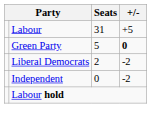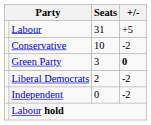 <table class="wikitable">
 <tr>
 <th colspan="2">Party</th>
 <th>Seats</th>
 <th>  +/-  </th>
 </tr>
 <tr>
 <td style="background-color: "></td>
 <td><a href='#'>Labour</a></td>
 <td>31</td>
 <td>+5</td>
 </tr>
 <tr>
 <td style="background-color: "></td>
+<td><a href='#'>Conservative</a></td>
+<td>10</td>
+<td>-2</td>
+</tr>
+<tr>
+<td style="background-color: "></td>
 <td><a href='#'>Green Party</a></td>
-<td>5</td>
+<td>3</td>
 <td><strong>0</strong></td>
 </tr>
 <tr>
 <td style="background-color: "></td>
 <td><a href='#'>Liberal Democrats</a></td>
 <td>2</td>
 <td>-2</td>
 </tr>
 <tr>
 <td style="background-color: "></td>
 <td><a href='#'>Independent</a></td>
 <td>0</td>
 <td>-2</td>
 </tr>
 <tr>
 <td style="background-color: "></td>
 <td colspan="3"><a href='#'>Labour</a> <strong>hold</strong></td>
 </tr>
 </table>
